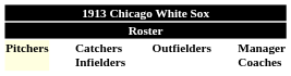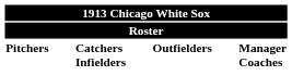 <table class="toccolours" style="font-size: 95%;">
 <tr>
 <th colspan="10" style="background-color: black; color: white; text-align: center;">1913 Chicago White Sox</th>
 </tr>
 <tr>
 <td colspan="10" style="background-color: black; color: white; text-align: center;"><strong>Roster</strong></td>
 </tr>
 <tr>
-<td valign="top" style="background: lightyellow;"><strong>Pitchers</strong><br>            </td>
+<td valign="top"><strong>Pitchers</strong><br>            </td>
 <td width="25px"></td>
 <td valign="top"><strong>Catchers</strong><br>      <strong>Infielders</strong>          </td>
 <td width="25px"></td>
 <td valign="top"><strong>Outfielders</strong><br>        </td>
 <td width="25px"></td>
 <td valign="top"><strong>Manager</strong><br> <strong>Coaches</strong> </td>
 </tr>
 </table>
